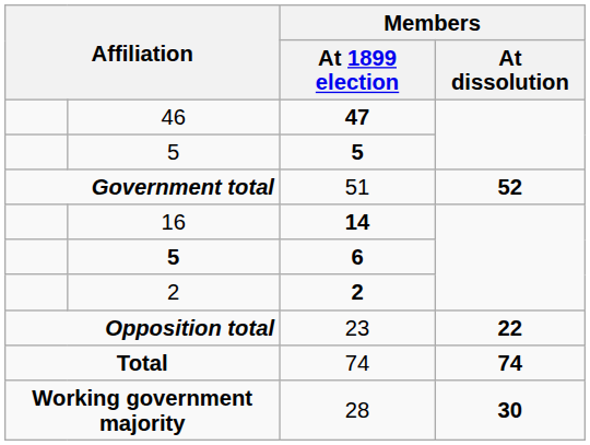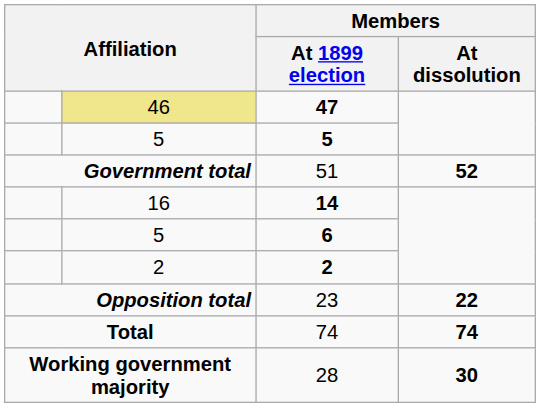 <table class="wikitable" border="1" style="font-size:95%; width:300pt; text-align:center">
 <tr>
 <th colspan="2" rowspan="2" style="text-align:center;vertical-align:middle; ">Affiliation</th>
 <th colspan="2" style="vertical-align:top;">Members</th>
 </tr>
 <tr>
 <th>At <a href='#'>1899 election</a></th>
 <th>At dissolution</th>
 </tr>
 <tr>
 <td></td>
-<td>46</td>
+<td style="background: khaki;">46</td>
 <td><strong>47</strong></td>
 </tr>
 <tr>
 <td></td>
 <td>5</td>
 <td><strong>5</strong></td>
 </tr>
 <tr>
 <td colspan="2" style="text-align:right; "><strong><em>Government total</em></strong></td>
 <td>51</td>
 <td><strong>52</strong></td>
 </tr>
 <tr>
 <td></td>
 <td>16</td>
 <td><strong>14</strong></td>
 </tr>
 <tr>
 <td></td>
-<td><strong>5</strong></td>
+<td>5</td>
 <td><strong>6</strong></td>
 </tr>
 <tr>
 <td></td>
 <td>2</td>
 <td><strong>2</strong></td>
 </tr>
 <tr>
 <td colspan="2" style="text-align:right;"><strong><em>Opposition total</em></strong></td>
 <td>23</td>
 <td><strong>22</strong></td>
 </tr>
 <tr>
 <td colspan="2"><strong>Total</strong></td>
 <td>74</td>
 <td><strong>74</strong></td>
 </tr>
 <tr>
 <td colspan="2"><strong>Working government majority</strong></td>
 <td>28</td>
 <td><strong>30</strong></td>
 </tr>
 </table>
